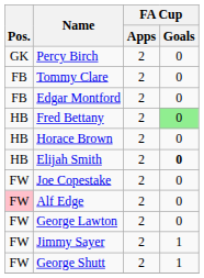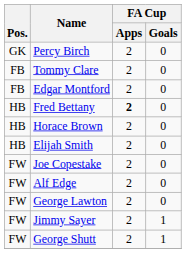 <table class="wikitable" style="text-align:center">
 <tr>
 <th rowspan="2" valign="bottom">Pos.</th>
 <th rowspan="2">Name</th>
 <th colspan="2" width="85">FA Cup</th>
 </tr>
 <tr>
 <th>Apps</th>
 <th>Goals</th>
 </tr>
 <tr>
 <td>GK</td>
 <td align="left"> <a href='#'>Percy Birch</a></td>
 <td>2</td>
 <td>0</td>
 </tr>
 <tr>
 <td>FB</td>
 <td align="left"> <a href='#'>Tommy Clare</a></td>
 <td>2</td>
 <td>0</td>
 </tr>
 <tr>
 <td>FB</td>
 <td align="left"> <a href='#'>Edgar Montford</a></td>
 <td>2</td>
 <td>0</td>
 </tr>
 <tr>
 <td>HB</td>
 <td align="left"> <a href='#'>Fred Bettany</a></td>
-<td>2</td>
-<td style="background: lightgreen;">0</td>
+<td><strong>2</strong></td>
+<td>0</td>
 </tr>
 <tr>
 <td>HB</td>
 <td align="left"> <a href='#'>Horace Brown</a></td>
 <td>2</td>
 <td>0</td>
 </tr>
 <tr>
 <td>HB</td>
 <td align="left"> <a href='#'>Elijah Smith</a></td>
 <td>2</td>
-<td><strong>0</strong></td>
+<td>0</td>
 </tr>
 <tr>
 <td>FW</td>
 <td align="left"> <a href='#'>Joe Copestake</a></td>
 <td>2</td>
 <td>0</td>
 </tr>
 <tr>
-<td style="background: pink;">FW</td>
+<td>FW</td>
 <td align="left"> <a href='#'>Alf Edge</a></td>
 <td>2</td>
 <td>0</td>
 </tr>
 <tr>
 <td>FW</td>
 <td align="left"> <a href='#'>George Lawton</a></td>
 <td>2</td>
 <td>0</td>
 </tr>
 <tr>
 <td>FW</td>
 <td align="left"> <a href='#'>Jimmy Sayer</a></td>
 <td>2</td>
 <td>1</td>
 </tr>
 <tr>
 <td>FW</td>
 <td align="left"> <a href='#'>George Shutt</a></td>
 <td>2</td>
 <td>1</td>
 </tr>
 <tr>
 </tr>
 </table>
